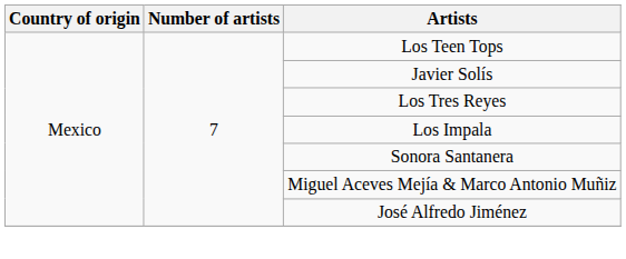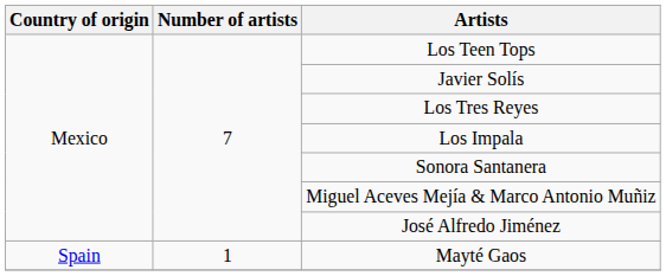 <table class="wikitable">
 <tr>
 <th>Country of origin</th>
 <th>Number of artists</th>
 <th>Artists</th>
 </tr>
 <tr>
 <td align="center" rowspan="7">Mexico</td>
 <td align="center" rowspan="7">7</td>
 <td align="center">Los Teen Tops</td>
 </tr>
 <tr>
 <td align="center">Javier Solís</td>
 </tr>
 <tr>
 <td align="center">Los Tres Reyes</td>
 </tr>
 <tr>
 <td align="center">Los Impala</td>
 </tr>
 <tr>
 <td align="center">Sonora Santanera</td>
 </tr>
 <tr>
 <td align="center">Miguel Aceves Mejía & Marco Antonio Muñiz</td>
 </tr>
 <tr>
 <td align="center">José Alfredo Jiménez</td>
 </tr>
 <tr>
+<td align="center"><a href='#'>Spain</a></td>
+<td align="center">1</td>
+<td align="center">Mayté Gaos</td>
+</tr>
+<tr>
 </tr>
 </table>
